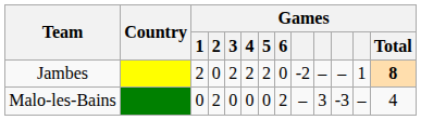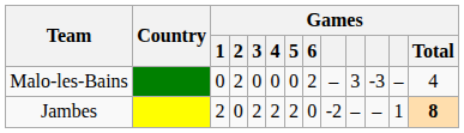 <table class="wikitable plainrowheaders" style="text-align:center;">
 <tr>
 <th rowspan=2>Team</th>
 <th rowspan=2>Country</th>
 <th colspan=11>Games</th>
 </tr>
 <tr>
 <th>1</th>
 <th>2</th>
 <th>3</th>
 <th>4</th>
 <th>5</th>
 <th>6</th>
 <th></th>
 <th></th>
 <th></th>
 <th></th>
 <th>Total</th>
 </tr>
 <tr>
+<td>Malo-les-Bains</td>
+<td style="background:green"></td>
+<td>0</td>
+<td>2</td>
+<td>0</td>
+<td>0</td>
+<td>0</td>
+<td>2</td>
+<td>–</td>
+<td>3</td>
+<td>-3</td>
+<td>–</td>
+<td>4</td>
+</tr>
+<tr>
 <td>Jambes</td>
 <td style="background:yellow"></td>
 <td>2</td>
 <td>0</td>
 <td>2</td>
 <td>2</td>
 <td>2</td>
 <td>0</td>
 <td>-2</td>
 <td>–</td>
 <td>–</td>
 <td>1</td>
 <td style="font-weight:bold; background:NavajoWhite;">8</td>
 </tr>
-<tr>
-<td>Malo-les-Bains</td>
-<td style="background:green"></td>
-<td>0</td>
-<td>2</td>
-<td>0</td>
-<td>0</td>
-<td>0</td>
-<td>2</td>
-<td>–</td>
-<td>3</td>
-<td>-3</td>
-<td>–</td>
-<td>4</td>
-</tr>
 </table>
